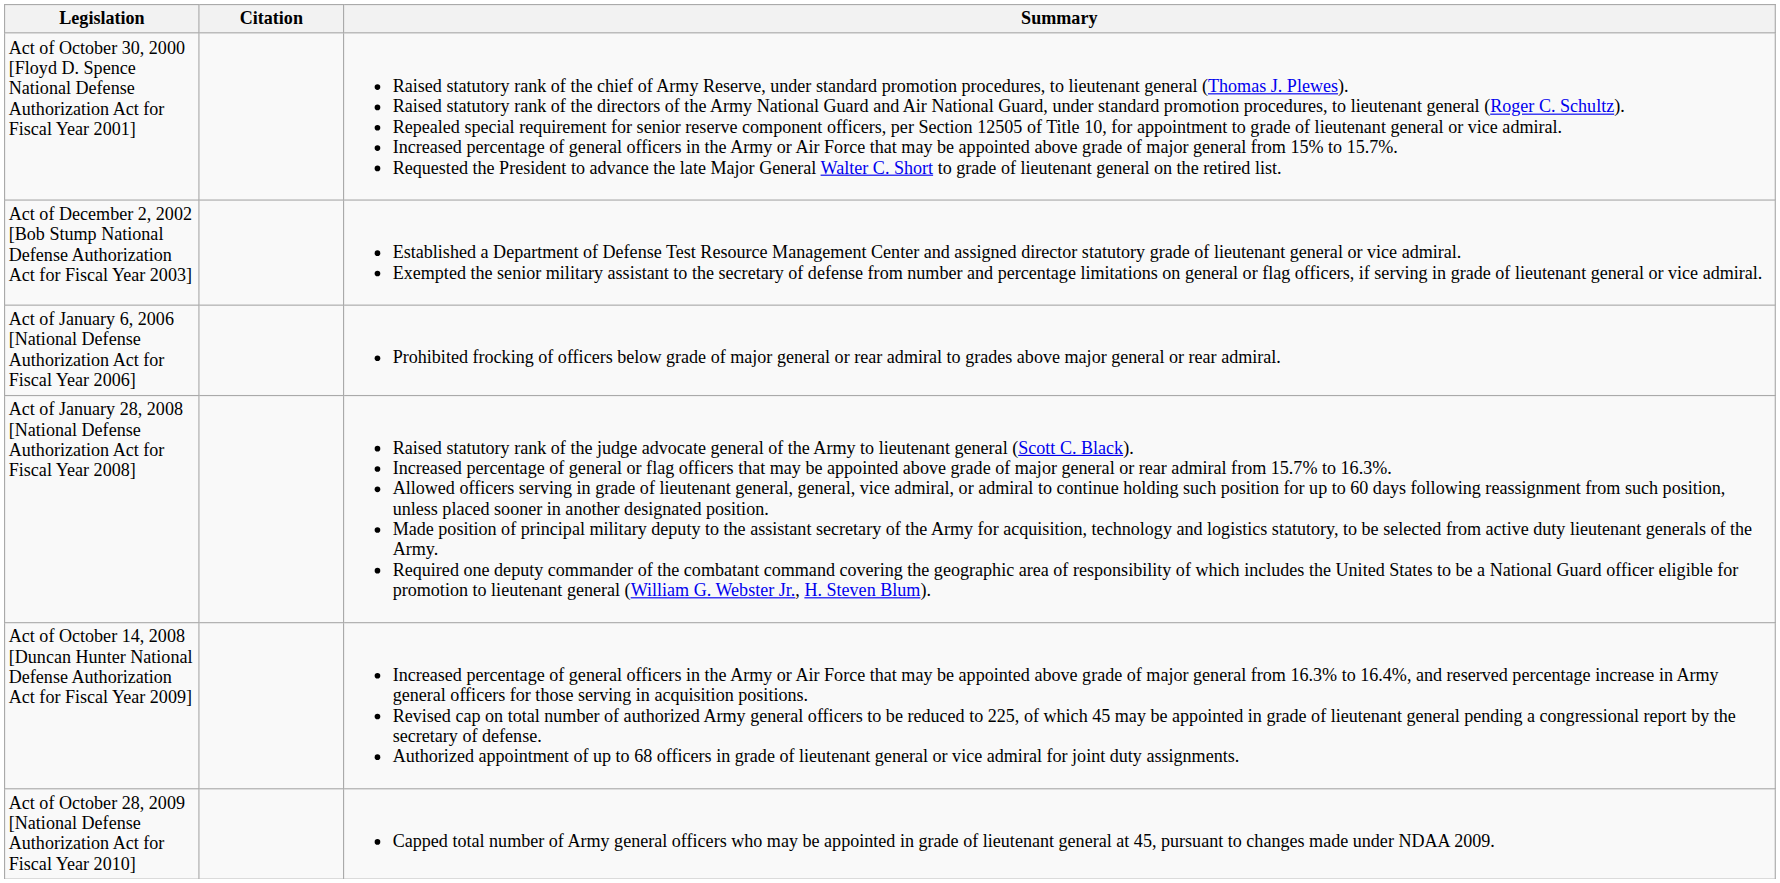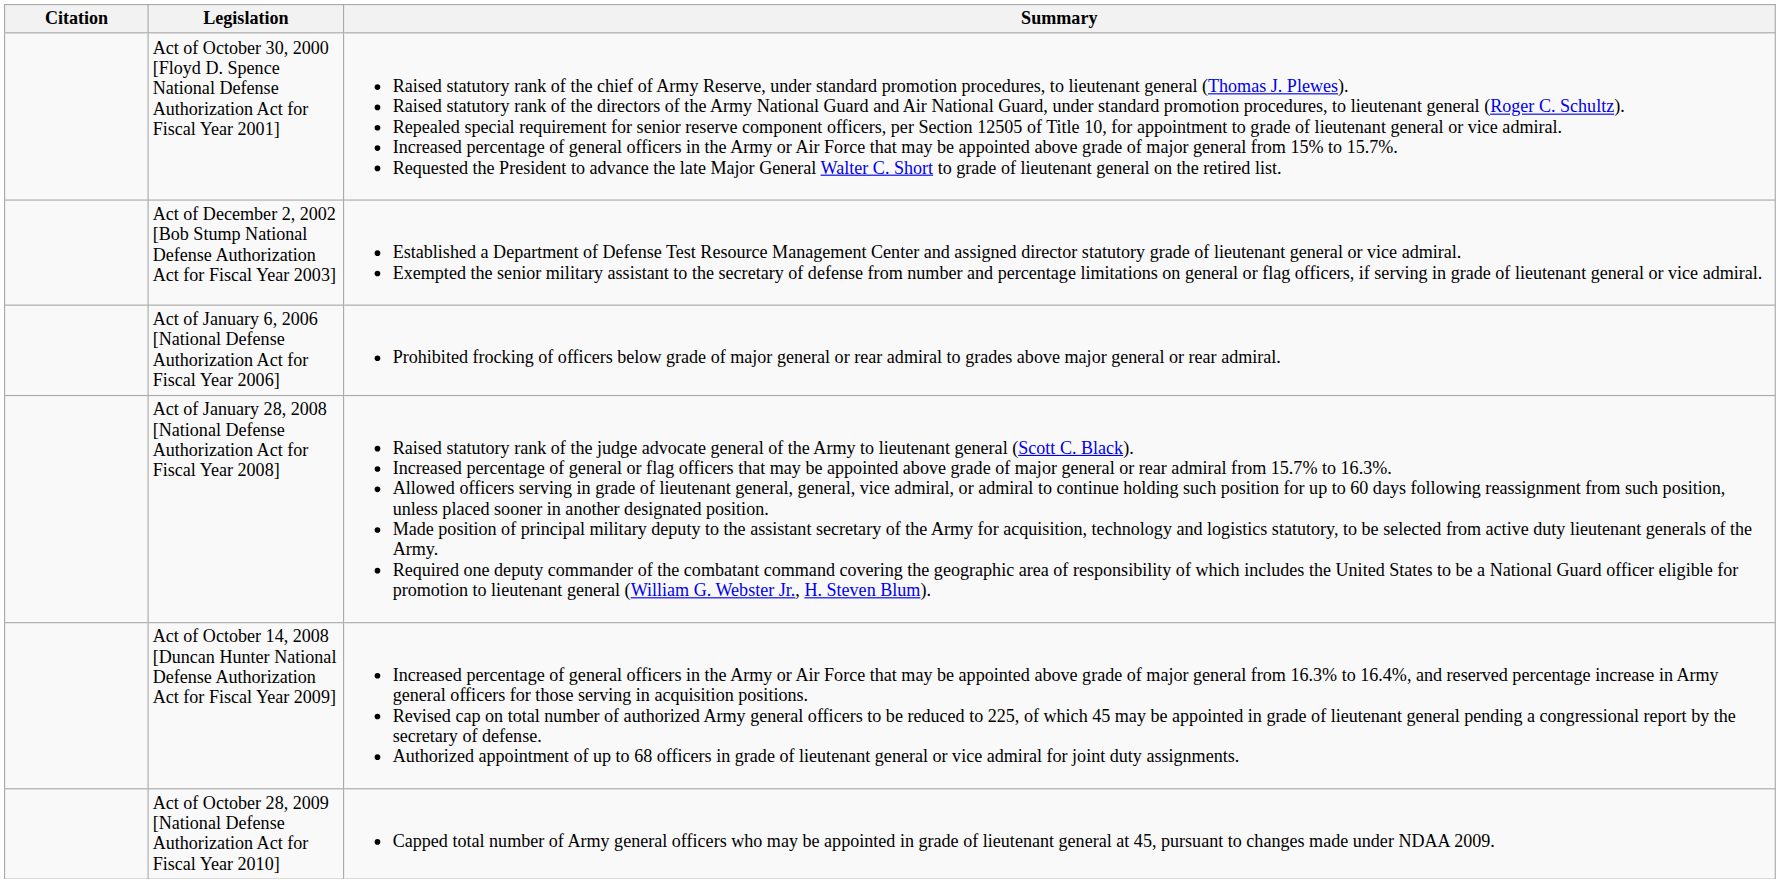 <table class="wikitable">
 <tr>
+<th scope="col" width = 120>Citation</th>
 <th scope="col" width = 165>Legislation</th>
-<th scope="col" width = 120>Citation</th>
 <th scope="col" class="unsortable">Summary</th>
 </tr>
 <tr style="vertical-align: top;">
+<td> <br> <br> <br> </td>
 <td>Act of October 30, 2000<br>[Floyd D. Spence National Defense Authorization Act for Fiscal Year 2001]</td>
-<td> <br> <br> <br> </td>
 <td><br><ul><li>Raised statutory rank of the chief of Army Reserve, under standard promotion procedures, to lieutenant general (<a href='#'>Thomas J. Plewes</a>).</li><li>Raised statutory rank of the directors of the Army National Guard and Air National Guard, under standard promotion procedures, to lieutenant general (<a href='#'>Roger C. Schultz</a>).</li><li>Repealed special requirement for senior reserve component officers, per Section 12505 of Title 10, for appointment to grade of lieutenant general or vice admiral.</li><li>Increased percentage of general officers in the Army or Air Force that may be appointed above grade of major general from 15% to 15.7%.</li><li>Requested the President to advance the late Major General <a href='#'>Walter C. Short</a> to grade of lieutenant general on the retired list.</li></ul></td>
 </tr>
 <tr style="vertical-align: top;">
+<td> <br> </td>
 <td>Act of December 2, 2002<br>[Bob Stump National Defense Authorization Act for Fiscal Year 2003]</td>
-<td> <br> </td>
 <td><br><ul><li>Established a Department of Defense Test Resource Management Center and assigned director statutory grade of lieutenant general or vice admiral.</li><li>Exempted the senior military assistant to the secretary of defense from number and percentage limitations on general or flag officers, if serving in grade of lieutenant general or vice admiral.</li></ul></td>
 </tr>
 <tr style="vertical-align: top;">
+<td> </td>
 <td>Act of January 6, 2006<br>[National Defense Authorization Act for Fiscal Year 2006]</td>
-<td> </td>
 <td><br><ul><li>Prohibited frocking of officers below grade of major general or rear admiral to grades above major general or rear admiral.</li></ul></td>
 </tr>
 <tr style="vertical-align: top;">
+<td> <br> <br> <br> </td>
 <td>Act of January 28, 2008<br>[National Defense Authorization Act for Fiscal Year 2008]</td>
-<td> <br> <br> <br> </td>
 <td><br><ul><li>Raised statutory rank of the judge advocate general of the Army to lieutenant general (<a href='#'>Scott C. Black</a>).</li><li>Increased percentage of general or flag officers that may be appointed above grade of major general or rear admiral from 15.7% to 16.3%.</li><li>Allowed officers serving in grade of lieutenant general, general, vice admiral, or admiral to continue holding such position for up to 60 days following reassignment from such position, unless placed sooner in another designated position.</li><li>Made position of principal military deputy to the assistant secretary of the Army for acquisition, technology and logistics statutory, to be selected from active duty lieutenant generals of the Army.</li><li>Required one deputy commander of the combatant command covering the geographic area of responsibility of which includes the United States to be a National Guard officer eligible for promotion to lieutenant general (<a href='#'>William G. Webster Jr.</a>, <a href='#'>H. Steven Blum</a>).</li></ul></td>
 </tr>
 <tr style="vertical-align: top;">
+<td> <br> <br> </td>
 <td>Act of October 14, 2008<br>[Duncan Hunter National Defense Authorization Act for Fiscal Year 2009]</td>
-<td> <br> <br> </td>
 <td><br><ul><li>Increased percentage of general officers in the Army or Air Force that may be appointed above grade of major general from 16.3% to 16.4%, and reserved percentage increase in Army general officers for those serving in acquisition positions.</li><li>Revised cap on total number of authorized Army general officers to be reduced to 225, of which 45 may be appointed in grade of lieutenant general pending a congressional report by the secretary of defense.</li><li>Authorized appointment of up to 68 officers in grade of lieutenant general or vice admiral for joint duty assignments.</li></ul></td>
 </tr>
 <tr style="vertical-align: top;">
+<td> </td>
 <td>Act of October 28, 2009<br>[National Defense Authorization Act for Fiscal Year 2010]</td>
-<td> </td>
 <td><br><ul><li>Capped total number of Army general officers who may be appointed in grade of lieutenant general at 45, pursuant to changes made under NDAA 2009.</li></ul></td>
 </tr>
 </table>
